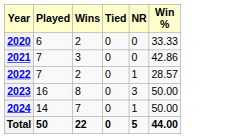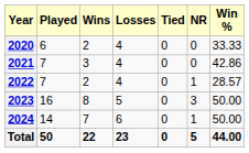 <table class="wikitable" style="width:25%;">
 <tr>
 <th style="background:#ffc;">Year</th>
 <th style="background:#ffc;">Played</th>
 <th style="background:#ffc;">Wins</th>
+<th style="background:#ffc;">Losses</th>
 <th style="background:#ffc;">Tied</th>
 <th style="background:#ffc;">NR</th>
 <th style="background:#ffc;">Win %</th>
 </tr>
 <tr>
 <th><a href='#'>2020</a></th>
 <td>6</td>
 <td>2</td>
+<td>4</td>
 <td>0</td>
 <td>0</td>
 <td>33.33</td>
 </tr>
 <tr>
 <th><a href='#'>2021</a></th>
 <td>7</td>
 <td>3</td>
+<td>4</td>
 <td>0</td>
 <td>0</td>
 <td>42.86</td>
 </tr>
 <tr>
 <th><a href='#'>2022</a></th>
 <td>7</td>
 <td>2</td>
+<td>4</td>
 <td>0</td>
 <td>1</td>
 <td>28.57</td>
 </tr>
 <tr>
 <th><a href='#'>2023</a></th>
 <td>16</td>
 <td>8</td>
+<td>5</td>
 <td>0</td>
 <td>3</td>
 <td>50.00</td>
 </tr>
 <tr>
 <th><a href='#'>2024</a></th>
 <td>14</td>
 <td>7</td>
+<td>6</td>
 <td>0</td>
 <td>1</td>
 <td>50.00</td>
 </tr>
 <tr>
 <th>Total</th>
 <td><strong>50</strong></td>
 <td><strong>22</strong></td>
+<td><strong>23</strong></td>
 <td><strong>0</strong></td>
 <td><strong>5</strong></td>
 <td><strong>44.00</strong></td>
 </tr>
 </table>
